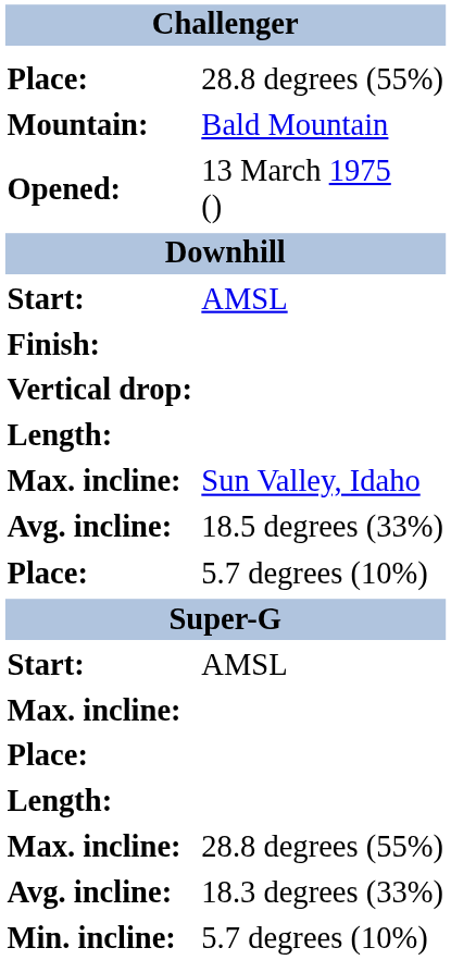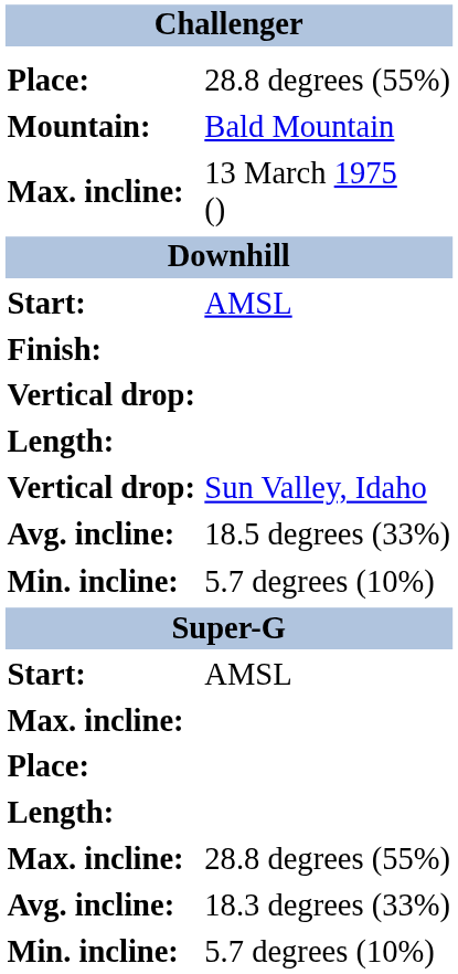 <table border=0 class="toccolours float-right" align="right" style="margin:0 0 0.5em 1em; font-size: 85%">
 <tr>
 <th bgcolor=#b0c4de colspan=2 align="center">Challenger</th>
 </tr>
 <tr>
 <td align="center" colspan=2></td>
 </tr>
 <tr>
 <td><strong>Place:</strong></td>
 <td>28.8 degrees (55%)</td>
 </tr>
 <tr>
 <td><strong>Mountain:</strong></td>
 <td><a href='#'>Bald Mountain</a></td>
 </tr>
 <tr>
-<td><strong>Opened:</strong></td>
+<td><strong>Max. incline:</strong></td>
 <td>13 March <a href='#'>1975</a><br>()</td>
 </tr>
 <tr>
 <th bgcolor=#b0c4de colspan=2 align="center">Downhill</th>
 </tr>
 <tr>
 <td><strong>Start:</strong></td>
 <td> <a href='#'>AMSL</a></td>
 </tr>
 <tr>
 <td><strong>Finish:</strong></td>
 <td></td>
 </tr>
 <tr>
 <td><strong>Vertical drop:</strong></td>
 <td></td>
 </tr>
 <tr>
 <td><strong>Length:</strong></td>
 <td></td>
 </tr>
 <tr>
-<td><strong>Max. incline:</strong></td>
+<td><strong>Vertical drop:</strong></td>
 <td> <a href='#'>Sun Valley, Idaho</a></td>
 </tr>
 <tr>
 <td><strong>Avg. incline:</strong></td>
 <td>18.5 degrees (33%)</td>
 </tr>
 <tr>
-<td><strong>Place:</strong></td>
+<td><strong>Min. incline:</strong></td>
 <td>5.7 degrees (10%)</td>
 </tr>
 <tr>
 <th bgcolor=#b0c4de colspan=2 align="center">Super-G</th>
 </tr>
 <tr>
 <td><strong>Start:</strong></td>
 <td> AMSL</td>
 </tr>
 <tr>
 <td><strong>Max. incline:</strong></td>
 <td></td>
 </tr>
 <tr>
 <td><strong>Place:</strong></td>
 <td></td>
 </tr>
 <tr>
 <td><strong>Length:</strong></td>
 <td></td>
 </tr>
 <tr>
 <td><strong>Max. incline:</strong></td>
 <td>28.8 degrees (55%)</td>
 </tr>
 <tr>
 <td><strong>Avg. incline:</strong></td>
 <td>18.3 degrees (33%)</td>
 </tr>
 <tr>
 <td><strong>Min. incline:</strong></td>
 <td>5.7 degrees (10%)</td>
 </tr>
 </table>
